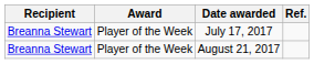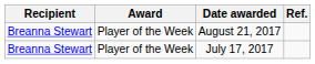 <table class="wikitable sortable sortable" style="text-align: center">
 <tr>
 <th>Recipient</th>
 <th>Award</th>
 <th>Date awarded</th>
 <th>Ref.</th>
 </tr>
 <tr>
 <td><a href='#'>Breanna Stewart</a></td>
 <td>Player of the Week</td>
-<td>July 17, 2017</td>
+<td>August 21, 2017</td>
 <td></td>
 </tr>
 <tr>
 <td><a href='#'>Breanna Stewart</a></td>
 <td>Player of the Week</td>
-<td>August 21, 2017</td>
+<td>July 17, 2017</td>
 <td></td>
 </tr>
 </table>
